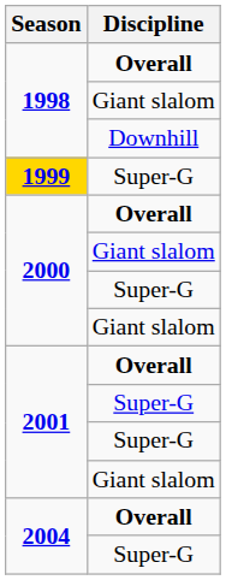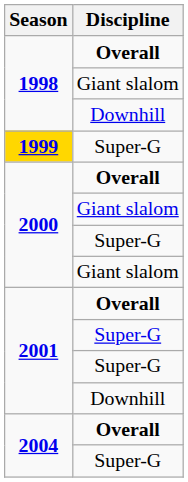 <table class="wikitable">
 <tr>
 <th>Season</th>
 <th>Discipline</th>
 </tr>
 <tr>
 <td align=center rowspan=3><strong><a href='#'>1998</a></strong></td>
 <td align=center><strong>Overall</strong></td>
 </tr>
 <tr>
 <td align=center>Giant slalom</td>
 </tr>
 <tr>
 <td align=center><a href='#'>Downhill</a></td>
 </tr>
 <tr>
 <td align=center style="background: gold;"><strong><a href='#'>1999</a></strong></td>
 <td align=center>Super-G</td>
 </tr>
 <tr>
 <td align=center rowspan=4><strong><a href='#'>2000</a></strong></td>
 <td align=center><strong>Overall</strong></td>
 </tr>
 <tr>
 <td align=center><a href='#'>Giant slalom</a></td>
 </tr>
 <tr>
 <td align=center>Super-G</td>
 </tr>
 <tr>
 <td align=center>Giant slalom</td>
 </tr>
 <tr>
 <td align=center rowspan=4><strong><a href='#'>2001</a></strong></td>
 <td align=center><strong>Overall</strong></td>
 </tr>
 <tr>
 <td align=center><a href='#'>Super-G</a></td>
 </tr>
 <tr>
 <td align=center>Super-G</td>
 </tr>
 <tr>
-<td align=center>Giant slalom</td>
+<td align=center>Downhill</td>
 </tr>
 <tr>
 <td align=center rowspan=2><strong><a href='#'>2004</a></strong></td>
 <td align=center><strong>Overall</strong></td>
 </tr>
 <tr>
 <td align=center>Super-G</td>
 </tr>
 </table>
